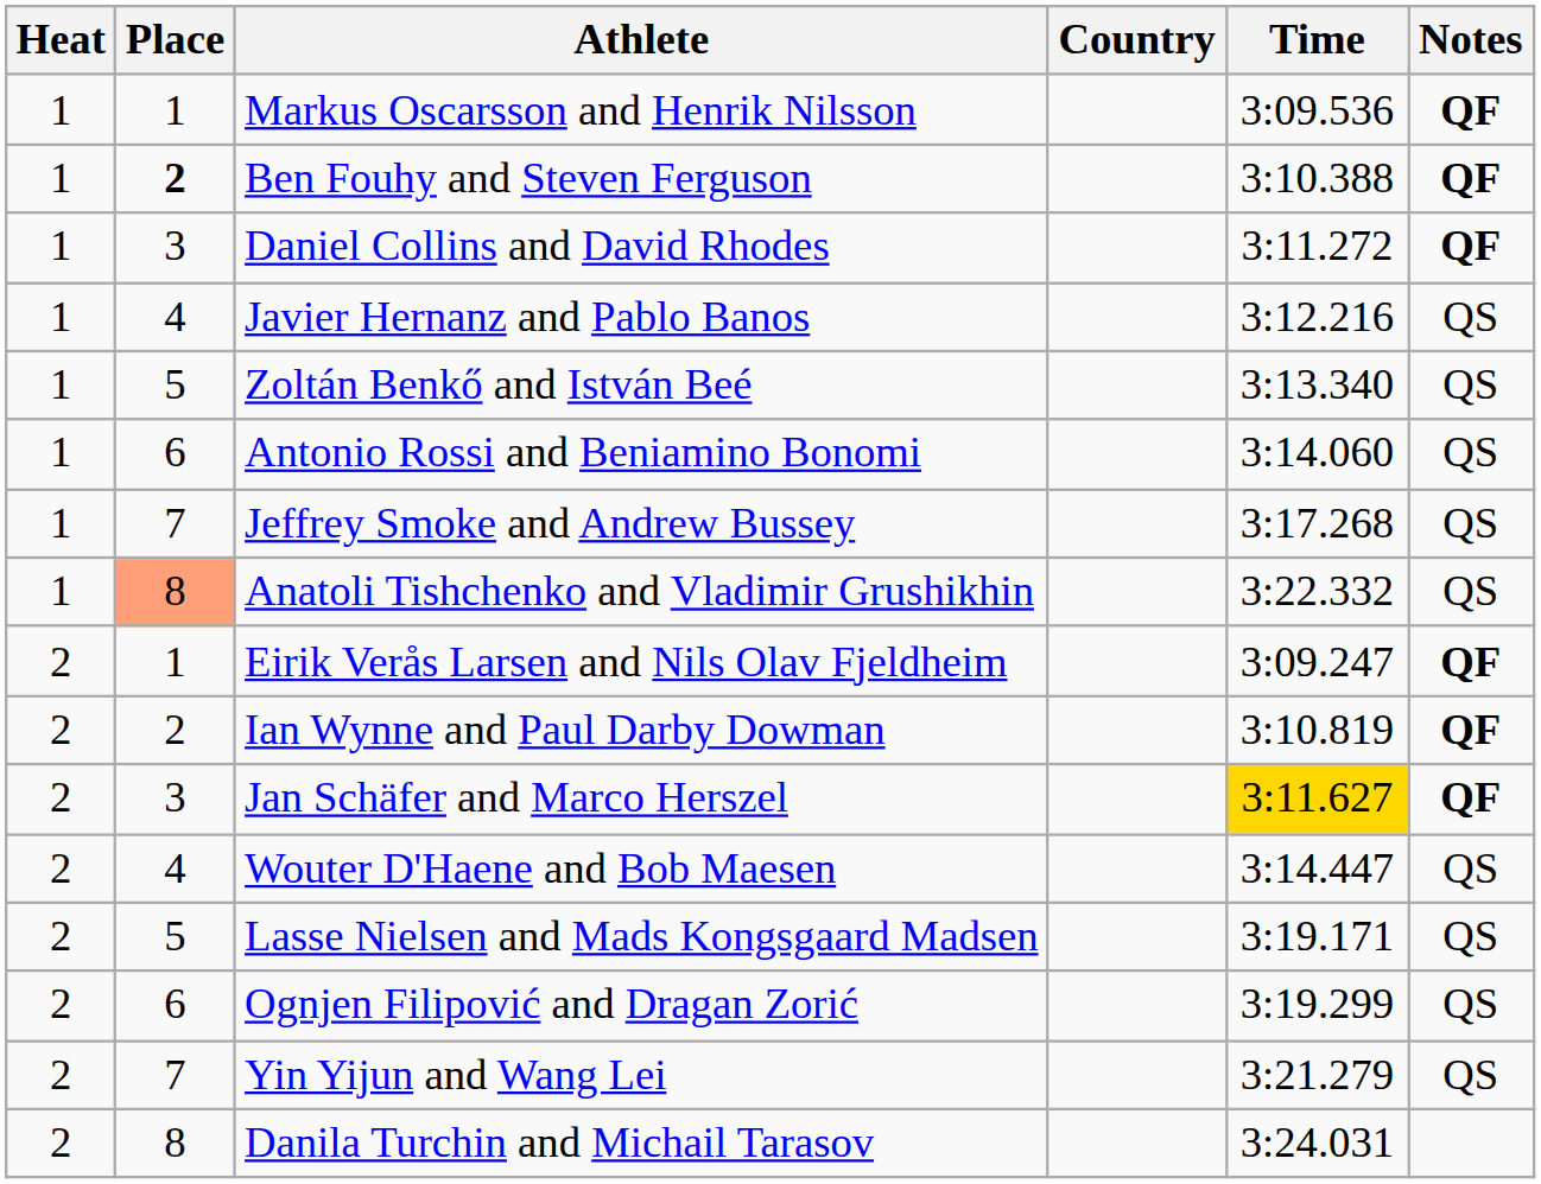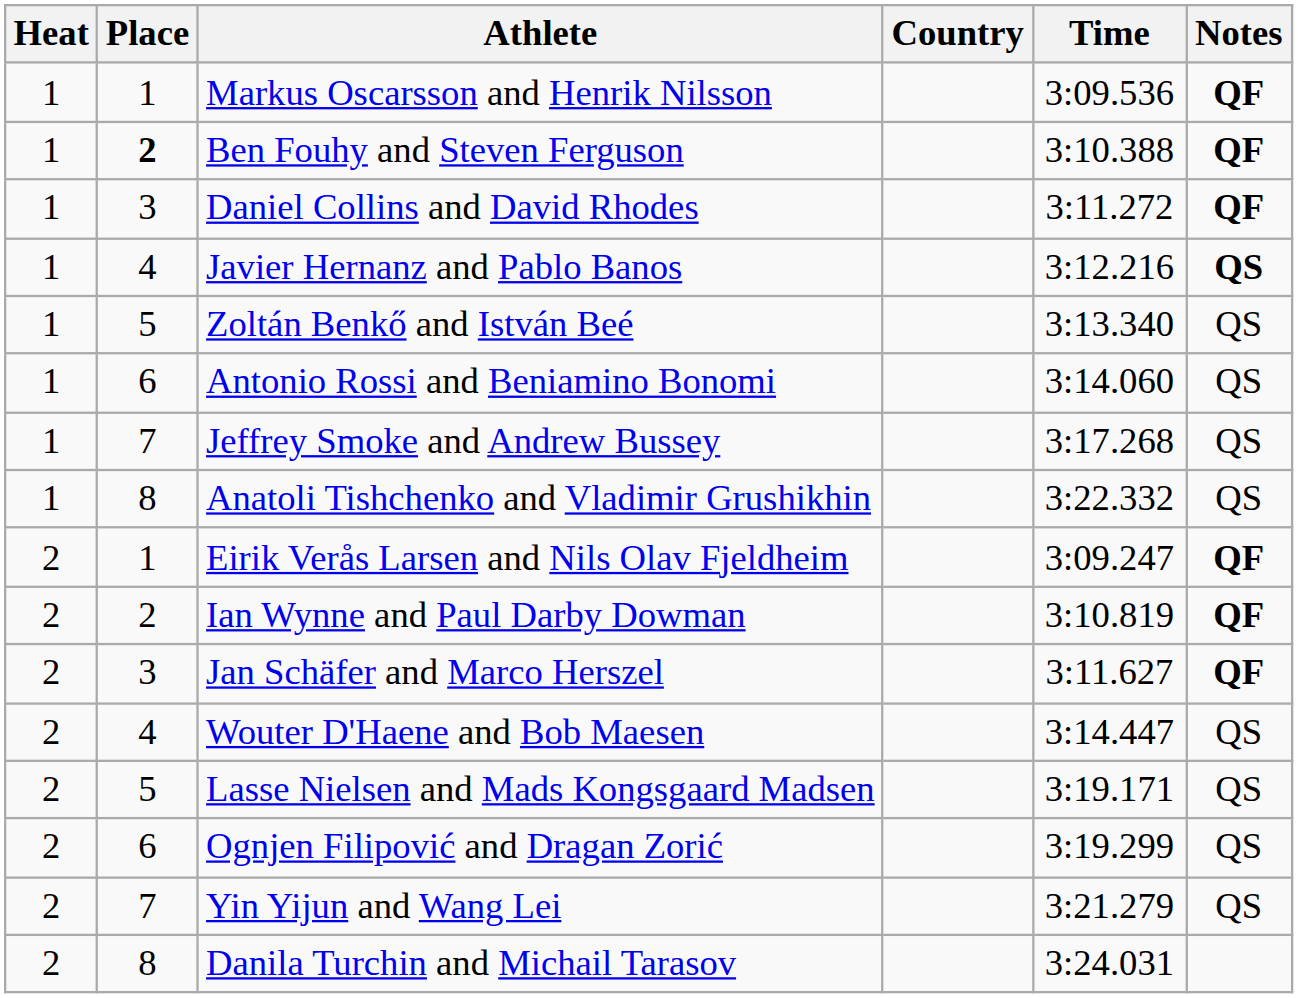 <table class="wikitable sortable" style="text-align:center">
 <tr>
 <th>Heat</th>
 <th>Place</th>
 <th>Athlete</th>
 <th>Country</th>
 <th>Time</th>
 <th>Notes</th>
 </tr>
 <tr>
 <td>1</td>
 <td>1</td>
 <td align=left><a href='#'>Markus Oscarsson</a> and <a href='#'>Henrik Nilsson</a></td>
 <td></td>
 <td width=60>3:09.536</td>
 <td><strong>QF</strong></td>
 </tr>
 <tr>
 <td>1</td>
 <td><strong>2</strong></td>
 <td align=left><a href='#'>Ben Fouhy</a> and <a href='#'>Steven Ferguson</a></td>
 <td></td>
 <td>3:10.388</td>
 <td><strong>QF</strong></td>
 </tr>
 <tr>
 <td>1</td>
 <td>3</td>
 <td align=left><a href='#'>Daniel Collins</a> and <a href='#'>David Rhodes</a></td>
 <td></td>
 <td>3:11.272</td>
 <td><strong>QF</strong></td>
 </tr>
 <tr>
 <td>1</td>
 <td>4</td>
 <td align=left><a href='#'>Javier Hernanz</a> and <a href='#'>Pablo Banos</a></td>
 <td></td>
 <td>3:12.216</td>
-<td>QS</td>
+<td><strong>QS</strong></td>
 </tr>
 <tr>
 <td>1</td>
 <td>5</td>
 <td align=left><a href='#'>Zoltán Benkő</a> and <a href='#'>István Beé</a></td>
 <td></td>
 <td>3:13.340</td>
 <td>QS</td>
 </tr>
 <tr>
 <td>1</td>
 <td>6</td>
 <td align=left><a href='#'>Antonio Rossi</a> and <a href='#'>Beniamino Bonomi</a></td>
 <td></td>
 <td>3:14.060</td>
 <td>QS</td>
 </tr>
 <tr>
 <td>1</td>
 <td>7</td>
 <td align=left><a href='#'>Jeffrey Smoke</a> and <a href='#'>Andrew Bussey</a></td>
 <td></td>
 <td>3:17.268</td>
 <td>QS</td>
 </tr>
 <tr>
 <td>1</td>
-<td style="background: lightsalmon;">8</td>
+<td>8</td>
 <td align=left><a href='#'>Anatoli Tishchenko</a> and <a href='#'>Vladimir Grushikhin</a></td>
 <td></td>
 <td>3:22.332</td>
 <td>QS</td>
 </tr>
 <tr>
 <td>2</td>
 <td>1</td>
 <td align=left><a href='#'>Eirik Verås Larsen</a> and <a href='#'>Nils Olav Fjeldheim</a></td>
 <td></td>
 <td>3:09.247</td>
 <td><strong>QF</strong></td>
 </tr>
 <tr>
 <td>2</td>
 <td>2</td>
 <td align=left><a href='#'>Ian Wynne</a> and <a href='#'>Paul Darby Dowman</a></td>
 <td></td>
 <td>3:10.819</td>
 <td><strong>QF</strong></td>
 </tr>
 <tr>
 <td>2</td>
 <td>3</td>
 <td align=left><a href='#'>Jan Schäfer</a> and <a href='#'>Marco Herszel</a></td>
 <td></td>
-<td style="background: gold;">3:11.627</td>
+<td>3:11.627</td>
 <td><strong>QF</strong></td>
 </tr>
 <tr>
 <td>2</td>
 <td>4</td>
 <td align=left><a href='#'>Wouter D'Haene</a> and <a href='#'>Bob Maesen</a></td>
 <td></td>
 <td>3:14.447</td>
 <td>QS</td>
 </tr>
 <tr>
 <td>2</td>
 <td>5</td>
 <td align=left><a href='#'>Lasse Nielsen</a> and <a href='#'>Mads Kongsgaard Madsen</a></td>
 <td></td>
 <td>3:19.171</td>
 <td>QS</td>
 </tr>
 <tr>
 <td>2</td>
 <td>6</td>
 <td align=left><a href='#'>Ognjen Filipović</a> and <a href='#'>Dragan Zorić</a></td>
 <td></td>
 <td>3:19.299</td>
 <td>QS</td>
 </tr>
 <tr>
 <td>2</td>
 <td>7</td>
 <td align=left><a href='#'>Yin Yijun</a> and <a href='#'>Wang Lei</a></td>
 <td></td>
 <td>3:21.279</td>
 <td>QS</td>
 </tr>
 <tr>
 <td>2</td>
 <td>8</td>
 <td align=left><a href='#'>Danila Turchin</a> and <a href='#'>Michail Tarasov</a></td>
 <td></td>
 <td>3:24.031</td>
 </tr>
 </table>
